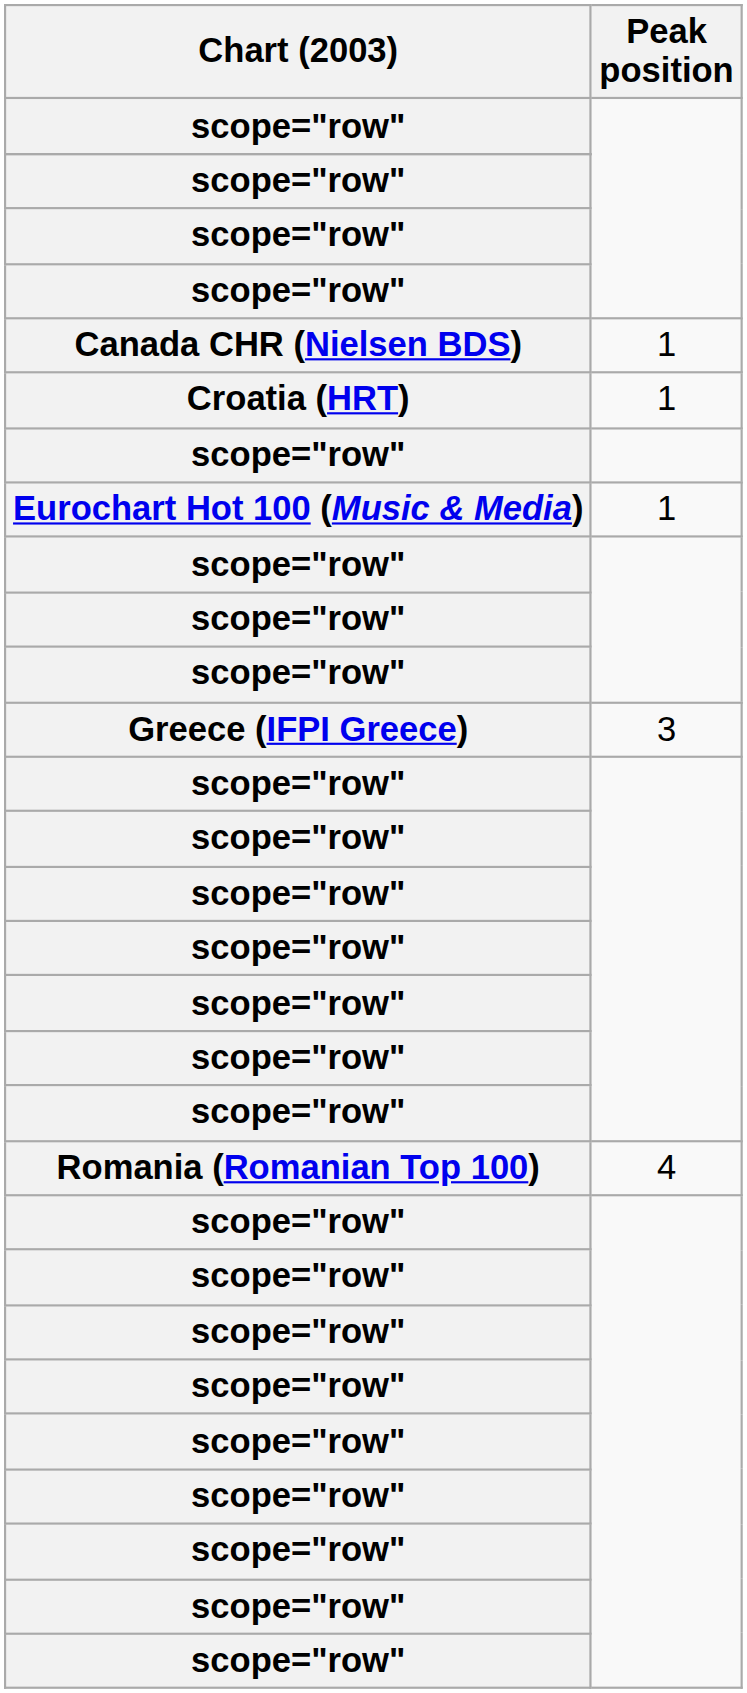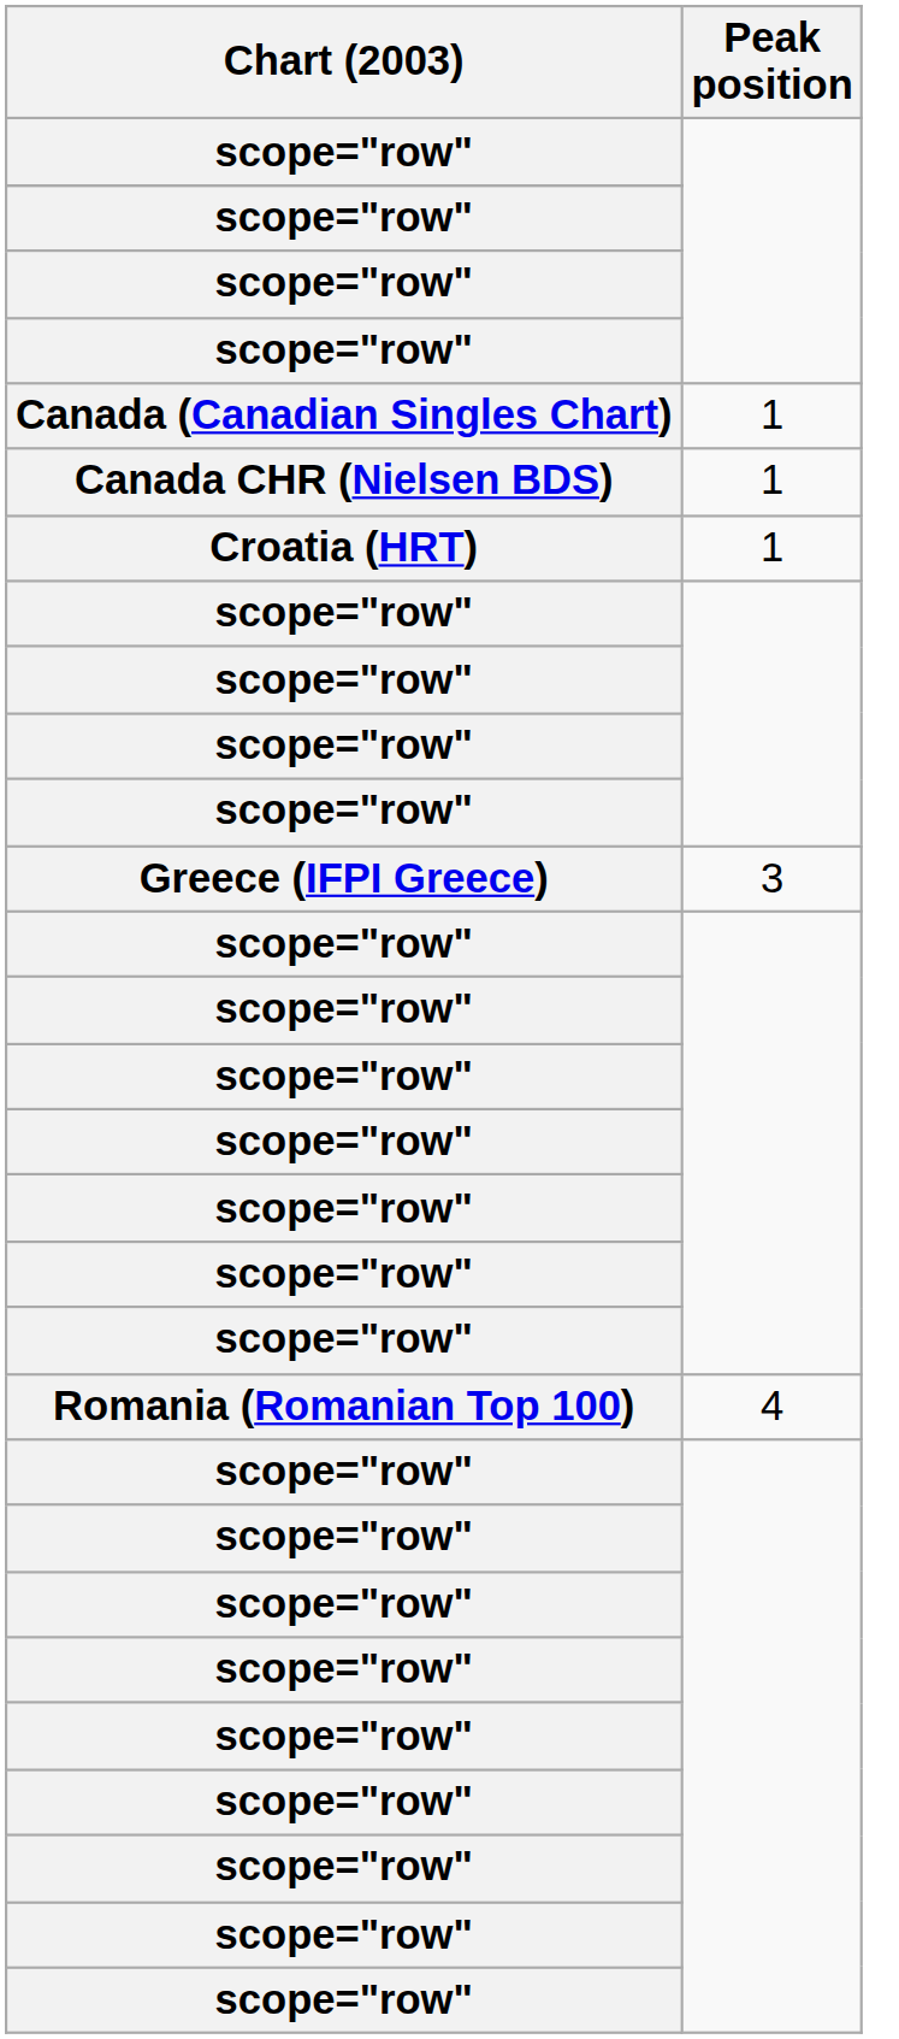 <table class="wikitable sortable plainrowheaders" style="text-align:center">
 <tr>
 <th scope="col">Chart (2003)</th>
 <th scope="col">Peak<br>position</th>
 </tr>
 <tr>
 <th>scope="row"</th>
 </tr>
 <tr>
 </tr>
 <tr>
 <th>scope="row"</th>
 </tr>
 <tr>
 <th>scope="row"</th>
 </tr>
 <tr>
 <th>scope="row"</th>
 </tr>
 <tr>
+<th scope="row">Canada (<a href='#'>Canadian Singles Chart</a>)</th>
+<td>1</td>
+</tr>
+<tr>
 <th scope="row">Canada CHR (<a href='#'>Nielsen BDS</a>)</th>
 <td style="text-align:center">1</td>
 </tr>
 <tr>
 <th scope="row">Croatia (<a href='#'>HRT</a>)</th>
 <td>1</td>
 </tr>
 <tr>
 <th>scope="row"</th>
-</tr>
-<tr>
-<th scope="row"><a href='#'>Eurochart Hot 100</a> (<em><a href='#'>Music & Media</a></em>)</th>
-<td>1</td>
 </tr>
 <tr>
 <th>scope="row"</th>
 </tr>
 <tr>
 <th>scope="row"</th>
 </tr>
 <tr>
 <th>scope="row"</th>
 </tr>
 <tr>
 <th scope="row">Greece (<a href='#'>IFPI Greece</a>)</th>
 <td>3</td>
 </tr>
 <tr>
 <th>scope="row"</th>
 </tr>
 <tr>
 <th>scope="row"</th>
 </tr>
 <tr>
 <th>scope="row"</th>
 </tr>
 <tr>
 <th>scope="row"</th>
 </tr>
 <tr>
 <th>scope="row"</th>
 </tr>
 <tr>
 <th>scope="row"</th>
 </tr>
 <tr>
 <th>scope="row"</th>
 </tr>
 <tr>
 <th scope="row">Romania (<a href='#'>Romanian Top 100</a>)</th>
 <td>4</td>
 </tr>
 <tr>
 <th>scope="row"</th>
 </tr>
 <tr>
 <th>scope="row"</th>
 </tr>
 <tr>
 <th>scope="row"</th>
 </tr>
 <tr>
 <th>scope="row"</th>
 </tr>
 <tr>
 <th>scope="row"</th>
 </tr>
 <tr>
 <th>scope="row"</th>
 </tr>
 <tr>
 <th>scope="row"</th>
 </tr>
 <tr>
 <th>scope="row"</th>
 </tr>
 <tr>
 <th>scope="row"</th>
 </tr>
 </table>
